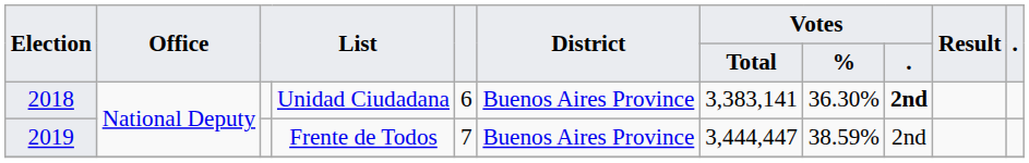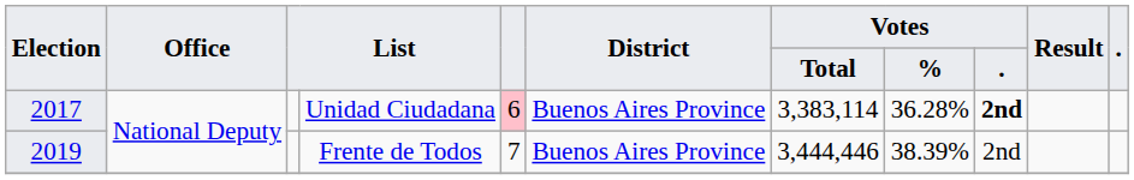 <table class="wikitable" style="font-size:90%; text-align:center;">
 <tr>
 <th style="background-color:#EAECF0;" rowspan=2>Election</th>
 <th style="background-color:#EAECF0;" rowspan=2>Office</th>
 <th style="background-color:#EAECF0;" colspan=2 rowspan=2>List</th>
 <th style="background-color:#EAECF0;" rowspan=2></th>
 <th style="background-color:#EAECF0;" rowspan=2>District</th>
 <th style="background-color:#EAECF0;" colspan=3>Votes</th>
 <th style="background-color:#EAECF0;" rowspan=2>Result</th>
 <th style="background-color:#EAECF0;" rowspan=2>.</th>
 </tr>
 <tr>
 <th style="background-color:#EAECF0;">Total</th>
 <th style="background-color:#EAECF0;">%</th>
 <th style="background-color:#EAECF0;">.</th>
 </tr>
 <tr>
-<td style="background-color:#EAECF0;"><a href='#'>2018</a></td>
+<td style="background-color:#EAECF0;"><a href='#'>2017</a></td>
 <td rowspan="2"><a href='#'>National Deputy</a></td>
 <td style="background-color:"></td>
 <td><a href='#'>Unidad Ciudadana</a></td>
-<td>6</td>
+<td style="background: pink;">6</td>
 <td><a href='#'>Buenos Aires Province</a></td>
-<td>3,383,141</td>
-<td>36.30%</td>
+<td>3,383,114</td>
+<td>36.28%</td>
 <td><strong>2nd</strong></td>
 <td></td>
 <td></td>
 </tr>
 <tr>
 <td style="background-color:#EAECF0;"><a href='#'>2019</a></td>
 <td style="background-color:"></td>
 <td><a href='#'>Frente de Todos</a></td>
 <td>7</td>
 <td><a href='#'>Buenos Aires Province</a></td>
-<td>3,444,447</td>
-<td>38.59%</td>
+<td>3,444,446</td>
+<td>38.39%</td>
 <td>2nd</td>
 <td></td>
 <td></td>
 </tr>
 <tr>
 </tr>
 </table>
